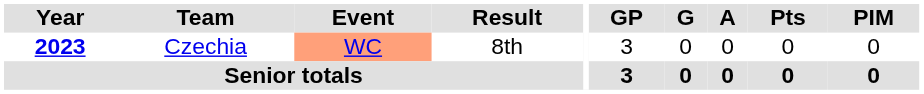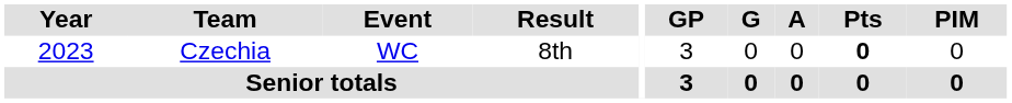 <table border="0" cellpadding="1" cellspacing="0" ID="Table3" style="text-align:center; width:40em">
 <tr ALIGN="center" bgcolor="#e0e0e0">
 <th>Year</th>
 <th>Team</th>
 <th>Event</th>
 <th>Result</th>
 <th rowspan="99" bgcolor="#ffffff"></th>
 <th>GP</th>
 <th>G</th>
 <th>A</th>
 <th>Pts</th>
 <th>PIM</th>
 </tr>
 <tr>
-<td><strong><a href='#'>2023</a></strong></td>
+<td><a href='#'>2023</a></td>
 <td><a href='#'>Czechia</a></td>
-<td style="background: lightsalmon;"><a href='#'>WC</a></td>
+<td><a href='#'>WC</a></td>
 <td>8th</td>
 <td>3</td>
 <td>0</td>
 <td>0</td>
-<td>0</td>
+<td><strong>0</strong></td>
 <td>0</td>
 </tr>
 <tr bgcolor="#e0e0e0">
 <th colspan="4">Senior totals</th>
 <th>3</th>
 <th>0</th>
 <th>0</th>
 <th>0</th>
 <th>0</th>
 </tr>
 </table>
